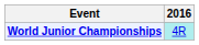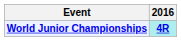 <table style='font-size: 90%; text-align:center;' class='wikitable'>
 <tr>
 <th>Event</th>
 <th>2016</th>
 </tr>
 <tr>
 <td bgcolor="#ECF2FF"; align="left"><strong><a href='#'>World Junior Championships</a></strong></td>
-<td bgcolor=AFEEEE><a href='#'>4R</a></td>
+<td bgcolor=AFEEEE><strong><a href='#'>4R</a></strong></td>
 </tr>
 </table>
